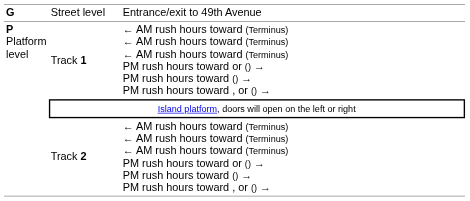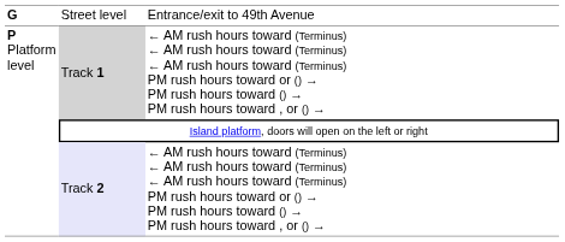 <table table border=0 cellspacing=0 cellpadding=3>
 <tr>
 <td style="border-top:solid 1px gray;" width=50><strong>G</strong></td>
 <td style="border-top:solid 1px gray;" width=100>Street level</td>
 <td style="border-top:solid 1px gray;" width=500>Entrance/exit to 49th Avenue</td>
 </tr>
 <tr>
 <td style="border-top:solid 1px gray;border-bottom:solid 1px gray;" rowspan=3 valign=top><strong>P</strong><br>Platform level</td>
-<td style="border-top:solid 1px gray;">Track <strong>1</strong></td>
+<td style="background: lightgrey; border-top:solid 1px gray;">Track <strong>1</strong></td>
 <td style="border-top:solid 1px gray;">←  AM rush hours toward  <small>(Terminus)</small><br>←  AM rush hours toward  <small>(Terminus)</small><br>←  AM rush hours toward  <small>(Terminus)</small><br>  PM rush hours toward  or  <small>()</small> →<br>  PM rush hours toward  <small>()</small> →<br>  PM rush hours toward ,  or  <small>()</small> →</td>
 </tr>
 <tr>
 <td style="border-top:solid 2px black;border-right:solid 2px black;border-left:solid 2px black;border-bottom:solid 2px black;text-align:center;" colspan=2><small><a href='#'>Island platform</a>, doors will open on the left or right</small></td>
 </tr>
 <tr>
-<td style="border-bottom:solid 1px gray">Track <strong>2</strong></td>
+<td style="background: lavender; border-bottom:solid 1px gray">Track <strong>2</strong></td>
 <td style="border-bottom:solid 1px gray">←  AM rush hours toward  <small>(Terminus)</small><br>←  AM rush hours toward  <small>(Terminus)</small><br>←  AM rush hours toward  <small>(Terminus)</small><br>  PM rush hours toward  or  <small>()</small> →<br>  PM rush hours toward  <small>()</small> →<br>  PM rush hours toward ,  or  <small>()</small> →</td>
 </tr>
 </table>
